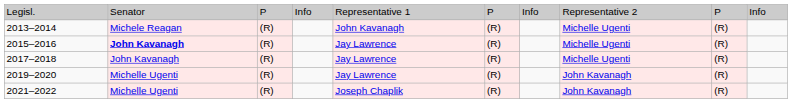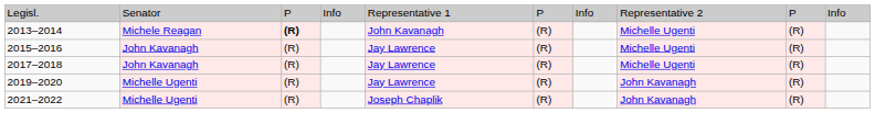 <table class=wikitable width="100%" border="1">
 <tr style="background-color:#cccccc;">
 <td>Legisl.</td>
 <td>Senator</td>
 <td>P</td>
 <td>Info</td>
 <td>Representative 1</td>
 <td>P</td>
 <td>Info</td>
 <td>Representative 2</td>
 <td>P</td>
 <td>Info</td>
 </tr>
 <tr>
 <td>2013–2014</td>
 <td style="background:#FFE8E8"><a href='#'>Michele Reagan</a></td>
-<td style="background:#FFE8E8">(R)</td>
+<td style="background:#FFE8E8"><strong>(R)</strong></td>
 <td></td>
 <td style="background:#FFE8E8"><a href='#'>John Kavanagh</a></td>
 <td style="background:#FFE8E8">(R)</td>
 <td></td>
 <td style="background:#FFE8E8"><a href='#'>Michelle Ugenti</a></td>
 <td style="background:#FFE8E8">(R)</td>
 <td></td>
 </tr>
 <tr>
 <td>2015–2016</td>
-<td style="background:#FFE8E8"><strong><a href='#'>John Kavanagh</a></strong></td>
+<td style="background:#FFE8E8"><a href='#'>John Kavanagh</a></td>
 <td style="background:#FFE8E8">(R)</td>
 <td></td>
 <td style="background:#FFE8E8"><a href='#'>Jay Lawrence</a></td>
 <td style="background:#FFE8E8">(R)</td>
 <td></td>
 <td style="background:#FFE8E8"><a href='#'>Michelle Ugenti</a></td>
 <td style="background:#FFE8E8">(R)</td>
 <td></td>
 </tr>
 <tr>
 <td>2017–2018</td>
 <td style="background:#FFE8E8"><a href='#'>John Kavanagh</a></td>
 <td style="background:#FFE8E8">(R)</td>
 <td></td>
 <td style="background:#FFE8E8"><a href='#'>Jay Lawrence</a></td>
 <td style="background:#FFE8E8">(R)</td>
 <td></td>
 <td style="background:#FFE8E8"><a href='#'>Michelle Ugenti</a></td>
 <td style="background:#FFE8E8">(R)</td>
 <td></td>
 </tr>
 <tr>
 <td>2019–2020</td>
 <td style="background:#FFE8E8"><a href='#'>Michelle Ugenti</a></td>
 <td style="background:#FFE8E8">(R)</td>
 <td></td>
 <td style="background:#FFE8E8"><a href='#'>Jay Lawrence</a></td>
 <td style="background:#FFE8E8">(R)</td>
 <td></td>
 <td style="background:#FFE8E8"><a href='#'>John Kavanagh</a></td>
 <td style="background:#FFE8E8">(R)</td>
 <td></td>
 </tr>
 <tr>
 <td>2021–2022</td>
 <td style="background:#FFE8E8"><a href='#'>Michelle Ugenti</a></td>
 <td style="background:#FFE8E8">(R)</td>
 <td></td>
 <td style="background:#FFE8E8"><a href='#'>Joseph Chaplik</a></td>
 <td style="background:#FFE8E8">(R)</td>
 <td></td>
 <td style="background:#FFE8E8"><a href='#'>John Kavanagh</a></td>
 <td style="background:#FFE8E8">(R)</td>
 <td></td>
 </tr>
 </table>
